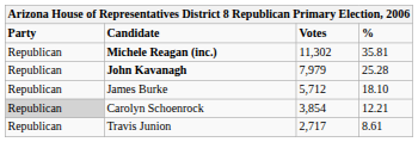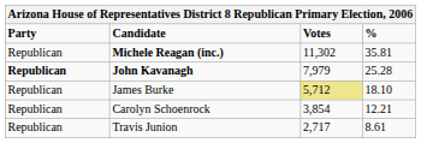 <table class="wikitable">
 <tr>
 <th colspan="4">Arizona House of Representatives District 8 Republican Primary Election, 2006</th>
 </tr>
 <tr>
 <td><strong>Party</strong></td>
 <td><strong>Candidate</strong></td>
 <td><strong>Votes</strong></td>
 <td><strong>%</strong></td>
 </tr>
 <tr>
 <td>Republican</td>
 <td><strong>Michele Reagan (inc.)</strong></td>
 <td>11,302</td>
 <td>35.81</td>
 </tr>
 <tr>
-<td>Republican</td>
+<td><strong>Republican</strong></td>
 <td><strong>John Kavanagh</strong></td>
 <td>7,979</td>
 <td>25.28</td>
 </tr>
 <tr>
 <td>Republican</td>
 <td>James Burke</td>
-<td>5,712</td>
+<td style="background: khaki;">5,712</td>
 <td>18.10</td>
 </tr>
 <tr>
-<td style="background: lightgrey;">Republican</td>
+<td>Republican</td>
 <td>Carolyn Schoenrock</td>
 <td>3,854</td>
 <td>12.21</td>
 </tr>
 <tr>
 <td>Republican</td>
 <td>Travis Junion</td>
 <td>2,717</td>
 <td>8.61</td>
 </tr>
 </table>
